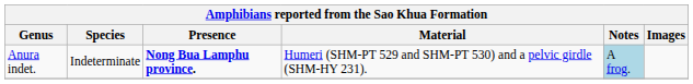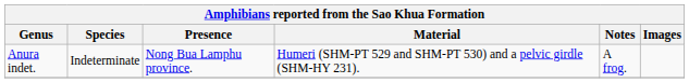 <table class="wikitable" align="center">
 <tr>
 <th colspan="6" align="center"><strong><a href='#'>Amphibians</a> reported from the Sao Khua Formation</strong></th>
 </tr>
 <tr>
 <th>Genus</th>
 <th>Species</th>
 <th>Presence</th>
 <th><strong>Material</strong></th>
 <th>Notes</th>
 <th>Images</th>
 </tr>
 <tr>
 <td><a href='#'>Anura</a> indet.</td>
 <td>Indeterminate</td>
-<td><strong><a href='#'>Nong Bua Lamphu province</a>.</strong></td>
+<td><a href='#'>Nong Bua Lamphu province</a>.</td>
 <td><a href='#'>Humeri</a> (SHM-PT 529 and SHM-PT 530) and a <a href='#'>pelvic girdle</a> (SHM-HY 231).</td>
-<td style="background: lightblue;">A <a href='#'>frog</a>.</td>
+<td>A <a href='#'>frog</a>.</td>
 <td></td>
 </tr>
 <tr>
 </tr>
 </table>
